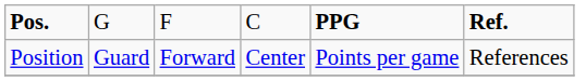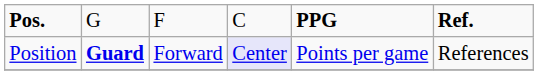 <table class="wikitable">
 <tr>
 <td><strong>Pos.</strong></td>
 <td>G</td>
 <td>F</td>
 <td>C</td>
 <td><strong>PPG</strong></td>
 <td><strong>Ref.</strong></td>
 </tr>
 <tr>
 <td><a href='#'>Position</a></td>
-<td><a href='#'>Guard</a></td>
+<td><strong><a href='#'>Guard</a></strong></td>
 <td><a href='#'>Forward</a></td>
-<td><a href='#'>Center</a></td>
+<td style="background: lavender;"><a href='#'>Center</a></td>
 <td><a href='#'>Points per game</a></td>
 <td>References</td>
 </tr>
 <tr>
 </tr>
 </table>
